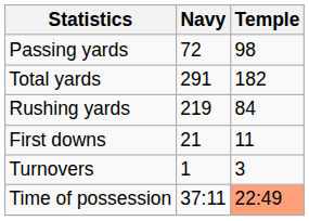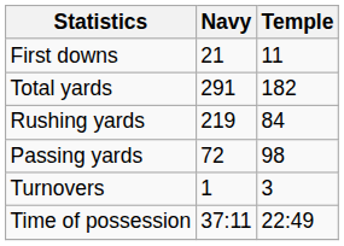 <table class="wikitable">
 <tr>
 <th>Statistics</th>
 <th>Navy</th>
 <th>Temple</th>
 </tr>
 <tr>
-<td>Passing yards</td>
-<td>72</td>
-<td>98</td>
+<td>First downs</td>
+<td>21</td>
+<td>11</td>
 </tr>
 <tr>
 <td>Total yards</td>
 <td>291</td>
 <td>182</td>
 </tr>
 <tr>
 <td>Rushing yards</td>
 <td>219</td>
 <td>84</td>
 </tr>
 <tr>
-<td>First downs</td>
-<td>21</td>
-<td>11</td>
+<td>Passing yards</td>
+<td>72</td>
+<td>98</td>
 </tr>
 <tr>
 <td>Turnovers</td>
 <td>1</td>
 <td>3</td>
 </tr>
 <tr>
 <td>Time of possession</td>
 <td>37:11</td>
-<td style="background: lightsalmon;">22:49</td>
+<td>22:49</td>
 </tr>
 <tr>
 </tr>
 </table>
